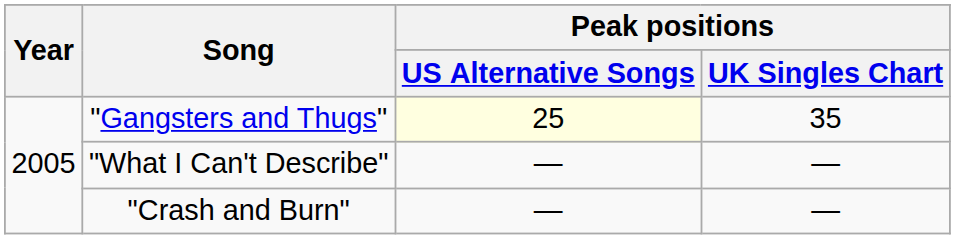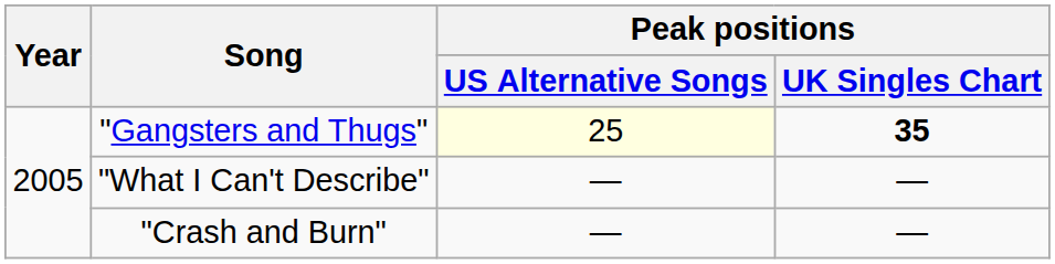 <table class="wikitable" style="text-align:center">
 <tr>
 <th rowspan="2">Year</th>
 <th rowspan="2">Song</th>
 <th colspan="2">Peak positions</th>
 </tr>
 <tr>
 <th><a href='#'>US Alternative Songs</a><br></th>
 <th><a href='#'>UK Singles Chart</a><br></th>
 </tr>
 <tr>
 <td rowspan="3">2005</td>
 <td>"<a href='#'>Gangsters and Thugs</a>"</td>
 <td style="background: lightyellow;">25</td>
-<td>35</td>
+<td><strong>35</strong></td>
 </tr>
 <tr>
 <td>"What I Can't Describe"</td>
 <td>—</td>
 <td>—</td>
 </tr>
 <tr>
 <td>"Crash and Burn"</td>
 <td>—</td>
 <td>—</td>
 </tr>
 </table>
